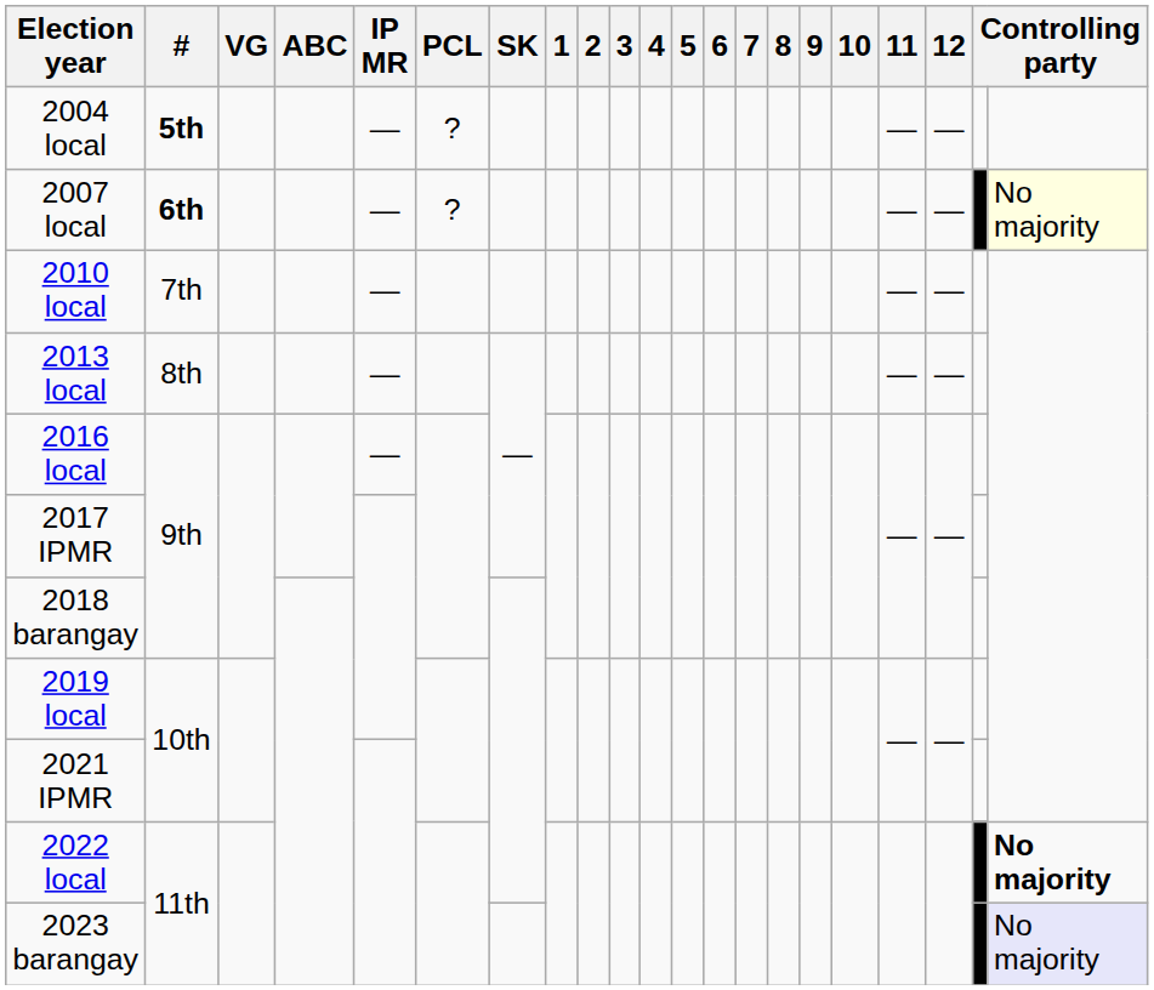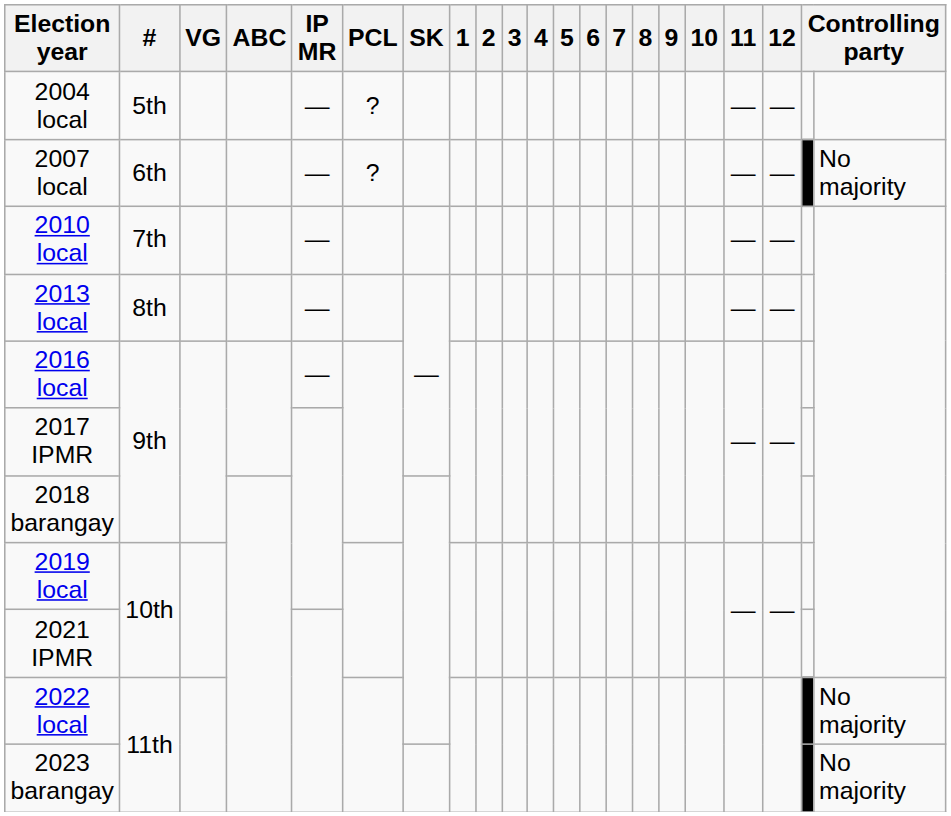 <table class=wikitable style="text-align:center">
 <tr>
 <th>Election<br>year</th>
 <th>#</th>
 <th width="30px">VG</th>
 <th width=30px>ABC</th>
 <th width=30px>IP<br>MR</th>
 <th width=30px>PCL</th>
 <th width=30px>SK</th>
 <th width=30px>1</th>
 <th width=30px>2</th>
 <th width=30px>3</th>
 <th width=30px>4</th>
 <th width=30px>5</th>
 <th width=30px>6</th>
 <th width=30px>7</th>
 <th width=30px>8</th>
 <th width=30px>9</th>
 <th width=30px>10</th>
 <th width=30px>11</th>
 <th width=30px>12</th>
 <th colspan=2>Controlling party</th>
 </tr>
 <tr>
 <td>2004 local</td>
-<td><strong>5th</strong></td>
+<td>5th</td>
 <td bgcolor=></td>
 <td bgcolor=></td>
 <td>—</td>
 <td>?</td>
 <td bgcolor=></td>
 <td bgcolor=></td>
 <td bgcolor=></td>
 <td bgcolor=></td>
 <td bgcolor=></td>
 <td bgcolor=></td>
 <td bgcolor=></td>
 <td bgcolor=></td>
 <td bgcolor=></td>
 <td bgcolor=></td>
 <td bgcolor=></td>
 <td>—</td>
 <td>—</td>
 <td></td>
 </tr>
 <tr>
 <td>2007 local</td>
-<td><strong>6th</strong></td>
+<td>6th</td>
 <td bgcolor=></td>
 <td bgcolor=></td>
 <td>—</td>
 <td>?</td>
 <td bgcolor=></td>
 <td bgcolor=></td>
 <td bgcolor=></td>
 <td bgcolor=></td>
 <td bgcolor=></td>
 <td bgcolor=></td>
 <td bgcolor=></td>
 <td bgcolor=></td>
 <td bgcolor=></td>
 <td bgcolor=></td>
 <td bgcolor=></td>
 <td>—</td>
 <td>—</td>
 <td bgcolor=black></td>
-<td align=left style="background: lightyellow;">No majority</td>
+<td align=left>No majority</td>
 </tr>
 <tr>
 <td><a href='#'>2010 local</a></td>
 <td>7th</td>
 <td bgcolor=></td>
 <td bgcolor=></td>
 <td>—</td>
 <td bgcolor=></td>
 <td bgcolor=></td>
 <td bgcolor=></td>
 <td bgcolor=></td>
 <td bgcolor=></td>
 <td bgcolor=></td>
 <td bgcolor=></td>
 <td bgcolor=></td>
 <td bgcolor=></td>
 <td bgcolor=></td>
 <td bgcolor=></td>
 <td bgcolor=></td>
 <td>—</td>
 <td>—</td>
 <td></td>
 </tr>
 <tr>
 <td><a href='#'>2013 local</a></td>
 <td>8th</td>
 <td bgcolor=></td>
 <td bgcolor=></td>
 <td>—</td>
 <td bgcolor=></td>
 <td rowspan=3>—</td>
 <td bgcolor=></td>
 <td bgcolor=></td>
 <td bgcolor=></td>
 <td bgcolor=></td>
 <td bgcolor=></td>
 <td bgcolor=></td>
 <td bgcolor=></td>
 <td bgcolor=></td>
 <td bgcolor=></td>
 <td bgcolor=></td>
 <td>—</td>
 <td>—</td>
 <td></td>
 </tr>
 <tr>
 <td><a href='#'>2016 local</a></td>
 <td rowspan="3">9th</td>
 <td rowspan=3 bgcolor=></td>
 <td rowspan=2 bgcolor=></td>
 <td>—</td>
 <td rowspan=3 bgcolor=></td>
 <td rowspan=3 bgcolor=></td>
 <td rowspan=3 bgcolor=></td>
 <td rowspan=3 bgcolor=></td>
 <td rowspan=3 bgcolor=></td>
 <td rowspan=3 bgcolor=></td>
 <td rowspan=3 bgcolor=></td>
 <td rowspan=3 bgcolor=></td>
 <td rowspan=3 bgcolor=></td>
 <td rowspan=3 bgcolor=></td>
 <td rowspan=3 bgcolor=></td>
 <td rowspan="3">—</td>
 <td rowspan="3">—</td>
 <td></td>
 </tr>
 <tr>
 <td>2017 IPMR</td>
 <td rowspan=3 bgcolor=></td>
 <td></td>
 </tr>
 <tr>
 <td>2018 barangay</td>
 <td rowspan="5"></td>
 <td rowspan="4"></td>
 <td></td>
 </tr>
 <tr>
 <td><a href='#'>2019 local</a></td>
 <td rowspan="2">10th</td>
 <td rowspan="2"></td>
 <td rowspan="2"></td>
 <td rowspan="2"></td>
 <td rowspan="2"></td>
 <td rowspan="2"></td>
 <td rowspan="2"></td>
 <td rowspan="2"></td>
 <td rowspan="2"></td>
 <td rowspan="2"></td>
 <td rowspan="2"></td>
 <td rowspan="2"></td>
 <td rowspan="2"></td>
 <td rowspan="2">—</td>
 <td rowspan="2">—</td>
 <td></td>
 </tr>
 <tr>
 <td>2021 IPMR</td>
 <td rowspan="3"></td>
 <td></td>
 </tr>
 <tr>
 <td><a href='#'>2022 local</a></td>
 <td rowspan="2">11th</td>
 <td rowspan="2" bgcolor=></td>
 <td rowspan="2" bgcolor=></td>
 <td rowspan="2" bgcolor=></td>
 <td rowspan="2" bgcolor=></td>
 <td rowspan="2" bgcolor=></td>
 <td rowspan="2" bgcolor=></td>
 <td rowspan="2" bgcolor=></td>
 <td rowspan="2" bgcolor=></td>
 <td rowspan="2" bgcolor=></td>
 <td rowspan="2" bgcolor=></td>
 <td rowspan="2" bgcolor=></td>
 <td rowspan="2" bgcolor=></td>
 <td rowspan="2" bgcolor=></td>
 <td rowspan="2" bgcolor=></td>
 <td bgcolor=black></td>
-<td align=left><strong>No majority</strong></td>
+<td align=left>No majority</td>
 </tr>
 <tr>
 <td>2023 barangay</td>
 <td></td>
 <td bgcolor=black></td>
-<td align=left style="background: lavender;">No majority</td>
+<td align=left>No majority</td>
 </tr>
 </table>
